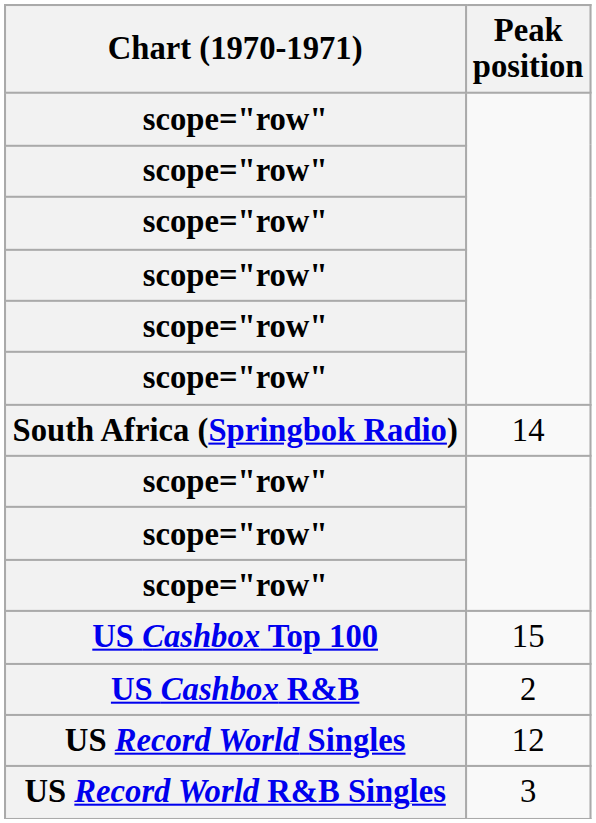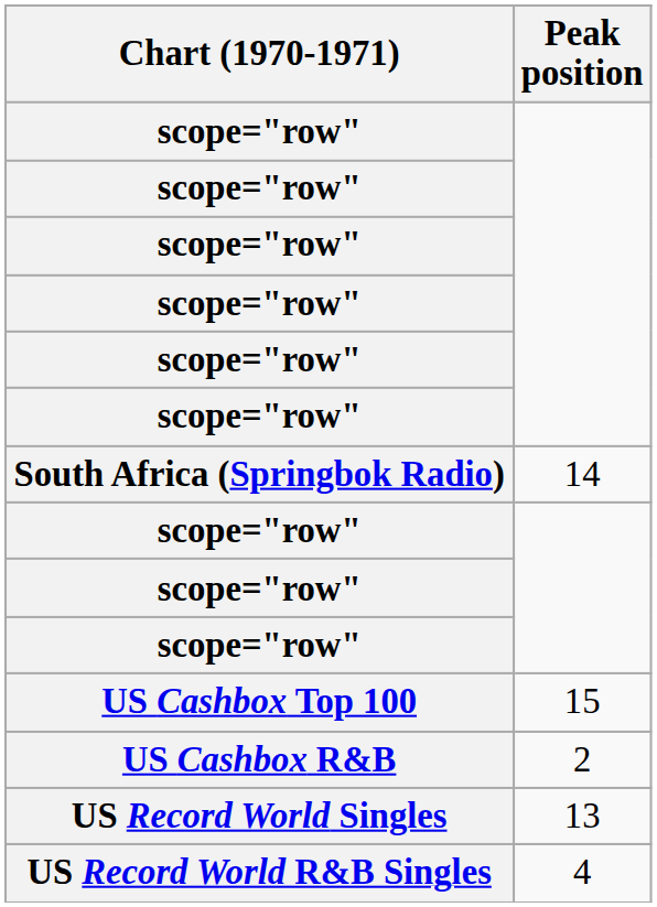 <table class="wikitable sortable plainrowheaders">
 <tr>
 <th scope="col">Chart (1970-1971)</th>
 <th scope="col">Peak<br>position</th>
 </tr>
 <tr>
 <th>scope="row" </th>
 </tr>
 <tr>
 <th>scope="row" </th>
 </tr>
 <tr>
 <th>scope="row" </th>
 </tr>
 <tr>
 <th>scope="row" </th>
 </tr>
 <tr>
 <th>scope="row" </th>
 </tr>
 <tr>
 <th>scope="row" </th>
 </tr>
 <tr>
 <th scope="row">South Africa (<a href='#'>Springbok Radio</a>)</th>
 <td align="center">14</td>
 </tr>
 <tr>
 <th>scope="row" </th>
 </tr>
 <tr>
 <th>scope="row" </th>
 </tr>
 <tr>
 <th>scope="row" </th>
 </tr>
 <tr>
 <th scope="row"><a href='#'>US <em>Cashbox</em> Top 100</a></th>
 <td style="text-align:center;">15</td>
 </tr>
 <tr>
 <th scope="row"><a href='#'>US <em>Cashbox</em> R&B</a></th>
 <td style="text-align:center;">2</td>
 </tr>
 <tr>
 <th scope="row">US <a href='#'><em>Record World</em> Singles</a></th>
-<td style="text-align:center;">12</td>
+<td style="text-align:center;">13</td>
 </tr>
 <tr>
 <th scope="row">US <a href='#'><em>Record World</em> R&B Singles</a></th>
-<td style="text-align:center;">3</td>
+<td style="text-align:center;">4</td>
 </tr>
 </table>
